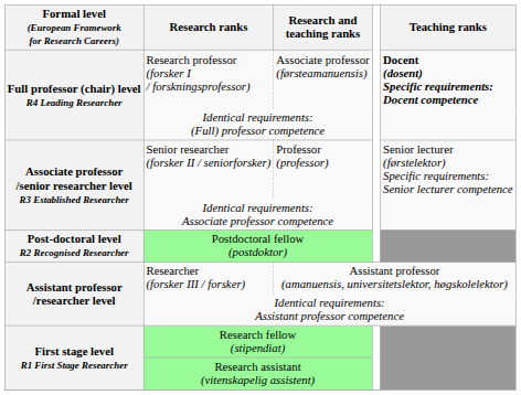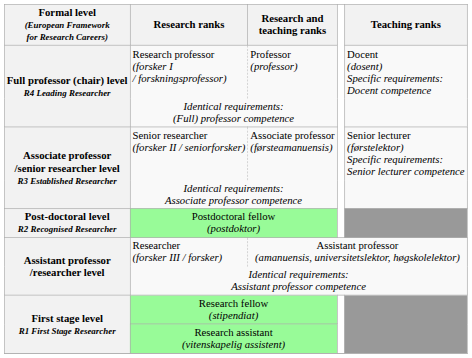 <table class="wikitable">
 <tr>
 <th>Formal level<br><small><em>(European Framework<br>for Research Careers)</em></small></th>
 <th>Research ranks</th>
 <th>Research and<br>teaching ranks</th>
 <th rowspan="6" style="background: #ffffff;"> </th>
 <th>Teaching ranks</th>
 </tr>
 <tr>
 <th rowspan="2">Full professor (chair) level<br><small><em>R4 Leading Researcher</em></small></th>
 <td style="border: 0px; vertical-align: text-top;">Research professor<br><em>(forsker I<br>/  forskningsprofessor)</em></td>
-<td style="border-bottom: 0px; border-left: 1px dashed silver; vertical-align: text-top;">Associate professor<br><em>(førsteamanuensis)</em></td>
-<td style="border-bottom: 0px; vertical-align: text-top;"><strong>Docent<br><em>(dosent)</em><br><em>Specific requirements:<br>Docent competence</em></strong></td>
+<td style="border-bottom: 0px; border-left: 1px dashed silver; vertical-align: text-top;">Professor<br><em>(professor)</em></td>
+<td style="border-bottom: 0px; vertical-align: text-top;">Docent<br><em>(dosent)</em><br><em>Specific requirements:<br>Docent competence</em></td>
 </tr>
 <tr>
 <td colspan="2" style="text-align: center; border-top: 0px;"><em>Identical requirements:<br>(Full) professor competence</em></td>
 </tr>
 <tr>
 <th rowspan="2">Associate professor<br>/senior researcher level<br><small><em>R3 Established Researcher</em></small></th>
 <td style="border: 0px; vertical-align: text-top;">Senior researcher<br><em>(forsker II / seniorforsker)</em></td>
-<td style="border-bottom: 0px; border-left: 1px dashed silver; vertical-align: text-top;">Professor<br><em>(professor)</em></td>
+<td style="border-bottom: 0px; border-left: 1px dashed silver; vertical-align: text-top;">Associate professor<br><em>(førsteamanuensis)</em></td>
 <td style="border-bottom: 0px; vertical-align: text-top;">Senior lecturer<br><em>(førstelektor)</em><br><em>Specific requirements:<br>Senior lecturer competence</em></td>
 </tr>
 <tr>
 <td colspan="2" style="text-align: center; border-top: 0px;"><em>Identical requirements:<br>Associate professor competence</em></td>
 <td style="text-align: center; border-top: 0px;"> </td>
 </tr>
 <tr>
 <th>Post-doctoral level<br><small><em>R2 Recognised Researcher</em></small></th>
 <td colspan="2" style="background: #98FB98; text-align: center;">Postdoctoral fellow<br><em>(postdoktor)</em></td>
 <td style="background: #999999;"> </td>
 </tr>
 <tr>
 <th rowspan="2">Assistant professor<br>/researcher level</th>
 <td style="border: 0px; vertical-align: text-top;">Researcher<br><em>(forsker III /  forsker)</em></td>
 <td colspan="3" style="border-bottom: 0px; border-left: 1px dashed silver; vertical-align: text-top; text-align: center;">Assistant professor<br><em>(amanuensis, universitetslektor, høgskolelektor)</em></td>
 </tr>
 <tr>
 <td colspan="4" style="text-align: center; border-top: 0px;"><em>Identical requirements:<br>Assistant professor competence</em></td>
 </tr>
 <tr>
 <th rowspan="2">First stage level<br><small><em>R1 First Stage Researcher</em></small></th>
 <td colspan="2" style="background: #98FB98; text-align: center;">Research fellow<br><em>(stipendiat)</em></td>
 <td rowspan="2" style="background: #ffffff;"></td>
 <td rowspan="2" style="background: #999999;"></td>
 </tr>
 <tr style="background: #98FB98;" |>
 <td colspan="2" style="background: #98FB98; text-align: center;">Research assistant<br><em>(vitenskapelig assistent)</em></td>
 </tr>
 <tr>
 </tr>
 </table>
